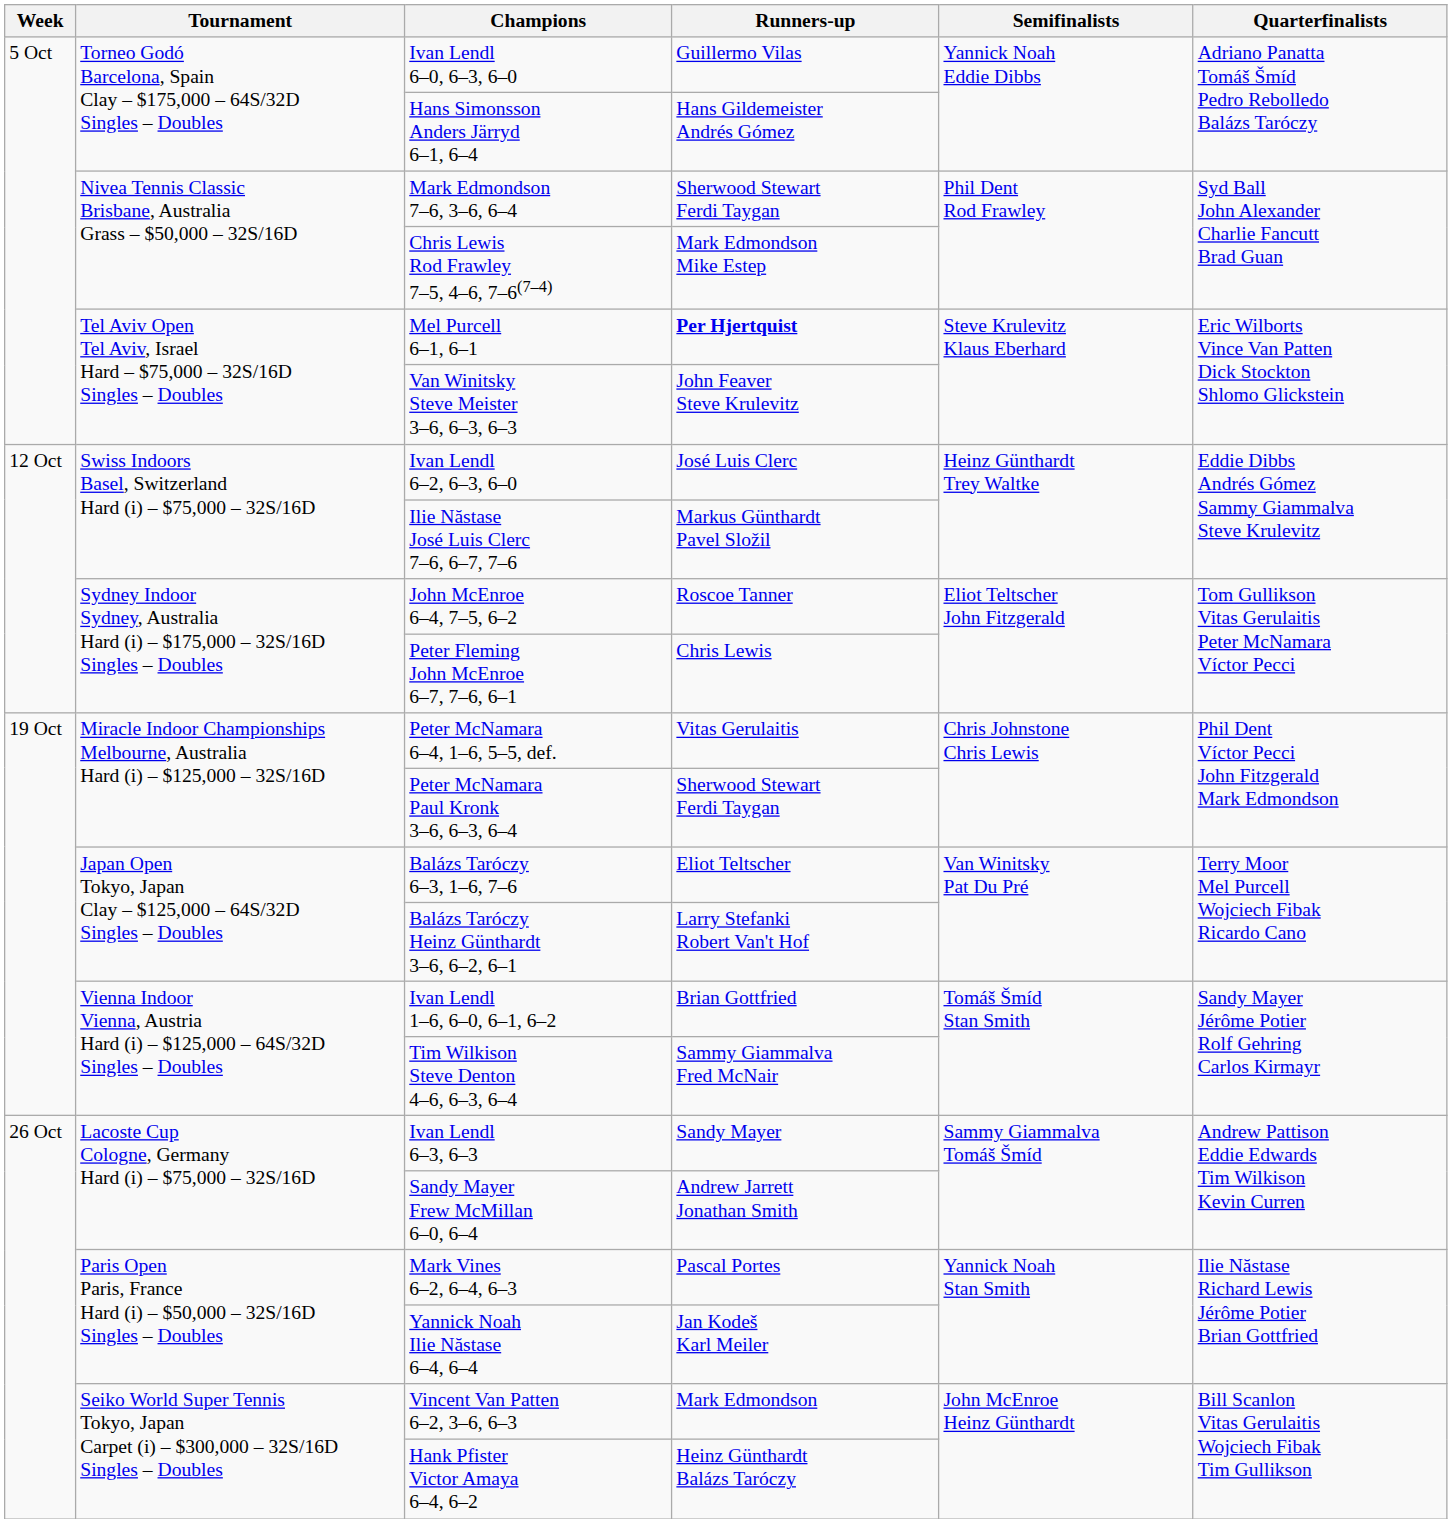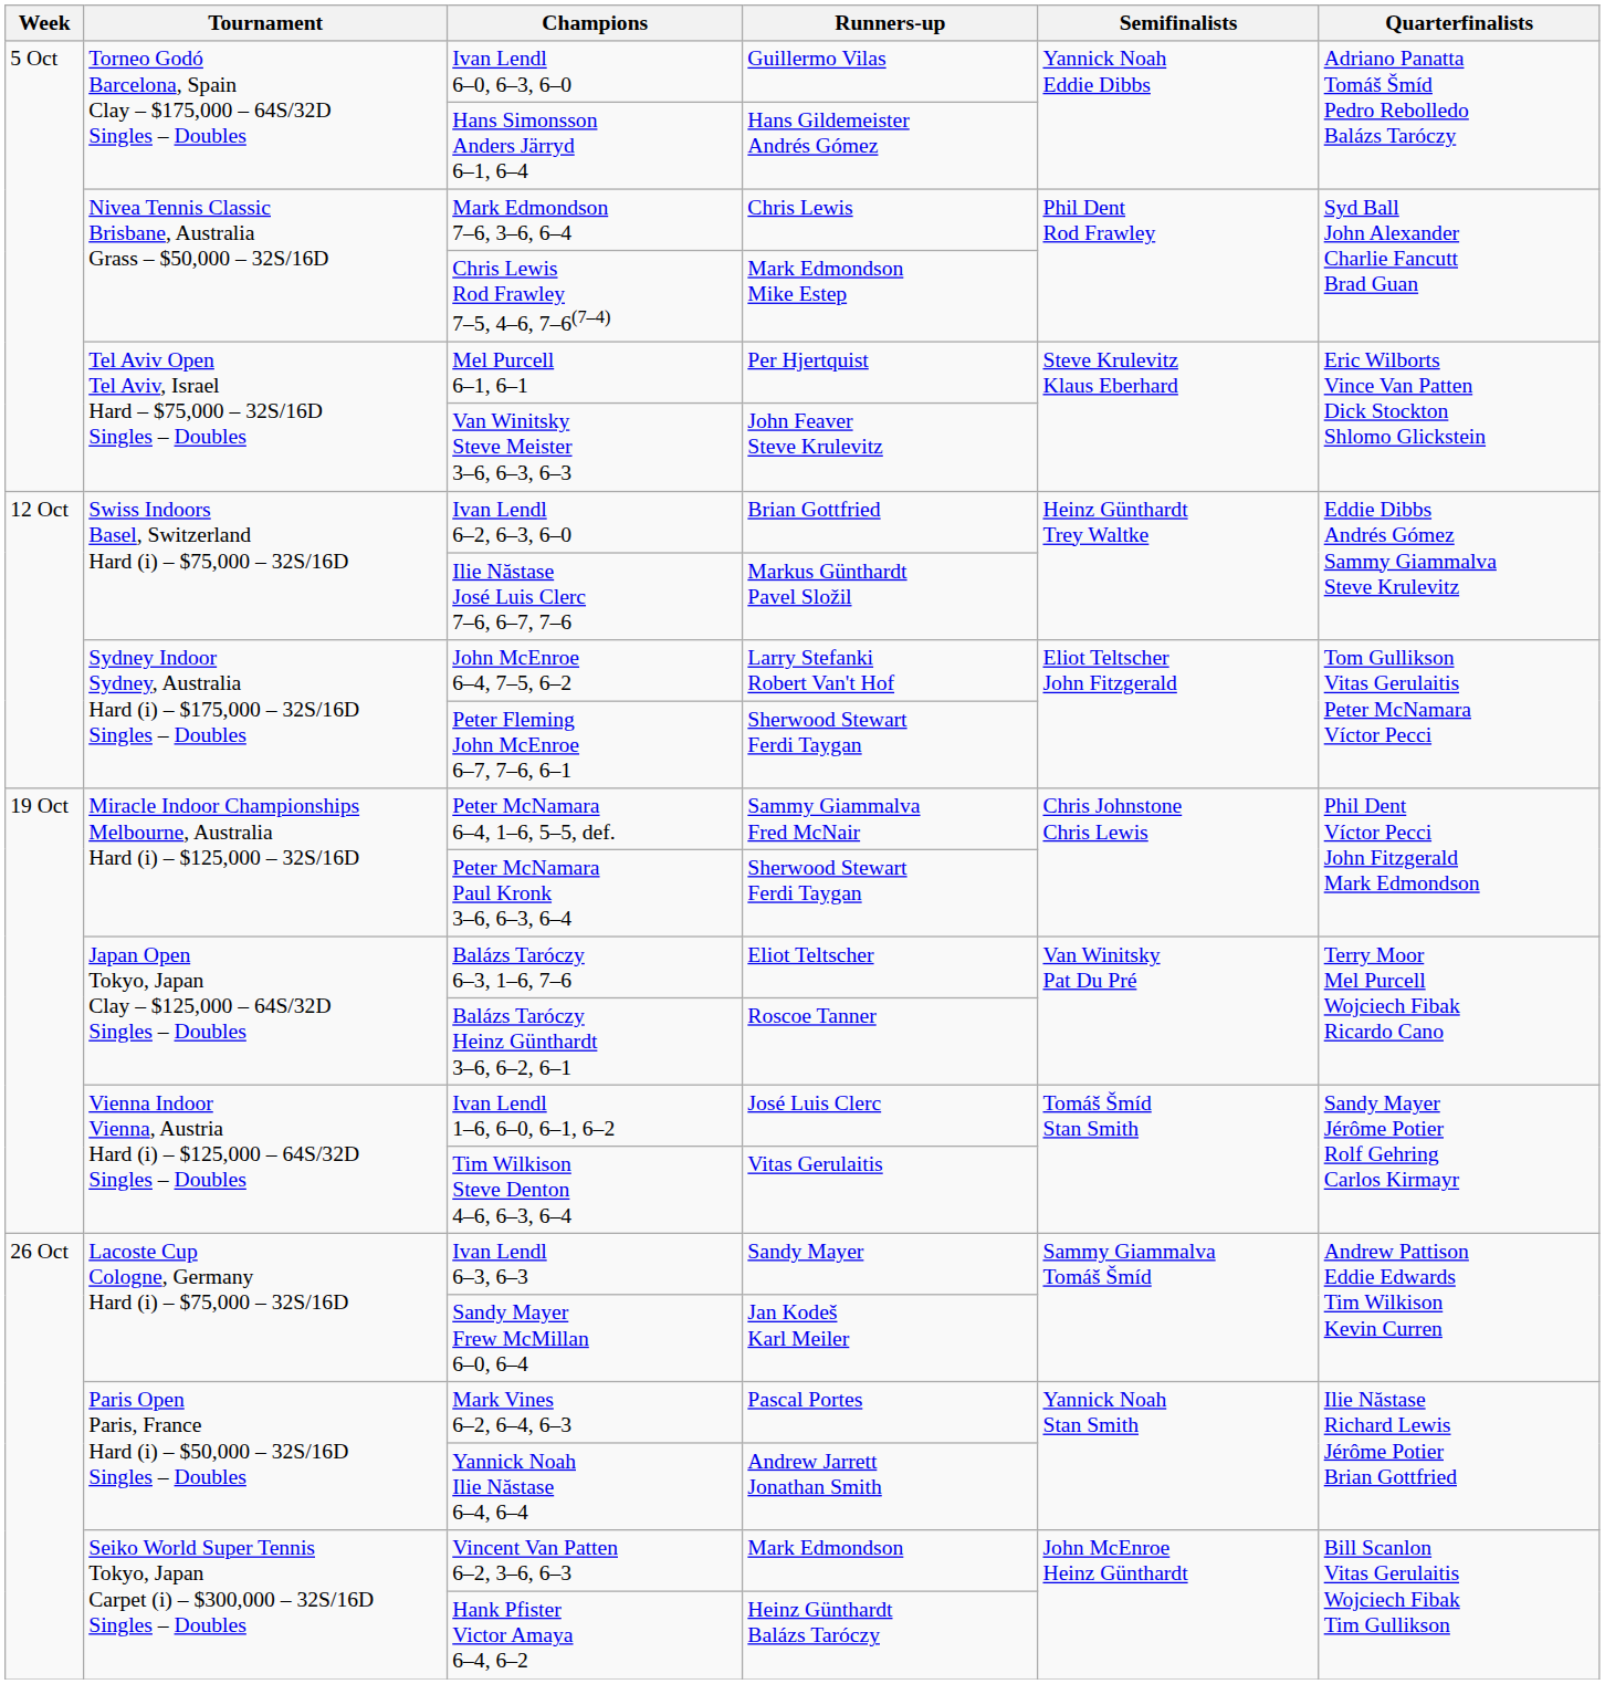 <table class=wikitable style=font-size:95%>
 <tr>
 <th style="width:48px;">Week</th>
 <th style="width:248px;">Tournament</th>
 <th style="width:200px;">Champions</th>
 <th style="width:200px;">Runners-up</th>
 <th style="width:190px;">Semifinalists</th>
 <th style="width:190px;">Quarterfinalists</th>
 </tr>
 <tr valign=top>
 <td rowspan=6>5 Oct</td>
 <td rowspan=2><a href='#'>Torneo Godó</a> <br> <a href='#'>Barcelona</a>, Spain <br> Clay – $175,000 – 64S/32D <br> <a href='#'>Singles</a> – <a href='#'>Doubles</a></td>
 <td> <a href='#'>Ivan Lendl</a> <br> 6–0, 6–3, 6–0</td>
 <td> <a href='#'>Guillermo Vilas</a></td>
 <td rowspan=2> <a href='#'>Yannick Noah</a> <br>  <a href='#'>Eddie Dibbs</a></td>
 <td rowspan=2> <a href='#'>Adriano Panatta</a> <br>  <a href='#'>Tomáš Šmíd</a> <br>  <a href='#'>Pedro Rebolledo</a> <br>  <a href='#'>Balázs Taróczy</a></td>
 </tr>
 <tr valign=top>
 <td> <a href='#'>Hans Simonsson</a> <br>  <a href='#'>Anders Järryd</a> <br> 6–1, 6–4</td>
 <td> <a href='#'>Hans Gildemeister</a> <br>  <a href='#'>Andrés Gómez</a></td>
 </tr>
 <tr valign=top>
 <td rowspan=2><a href='#'>Nivea Tennis Classic</a> <br> <a href='#'>Brisbane</a>, Australia <br> Grass – $50,000 – 32S/16D</td>
 <td> <a href='#'>Mark Edmondson</a> <br> 7–6, 3–6, 6–4</td>
-<td> <a href='#'>Sherwood Stewart</a> <br>  <a href='#'>Ferdi Taygan</a></td>
+<td> <a href='#'>Chris Lewis</a></td>
 <td rowspan=2> <a href='#'>Phil Dent</a> <br>  <a href='#'>Rod Frawley</a></td>
 <td rowspan=2> <a href='#'>Syd Ball</a> <br>  <a href='#'>John Alexander</a> <br>  <a href='#'>Charlie Fancutt</a> <br>  <a href='#'>Brad Guan</a></td>
 </tr>
 <tr valign=top>
 <td> <a href='#'>Chris Lewis</a> <br>  <a href='#'>Rod Frawley</a> <br> 7–5, 4–6, 7–6<sup>(7–4)</sup></td>
 <td> <a href='#'>Mark Edmondson</a> <br>  <a href='#'>Mike Estep</a></td>
 </tr>
 <tr valign=top>
 <td rowspan=2><a href='#'>Tel Aviv Open</a> <br> <a href='#'>Tel Aviv</a>, Israel <br> Hard – $75,000 – 32S/16D <br> <a href='#'>Singles</a> – <a href='#'>Doubles</a></td>
 <td> <a href='#'>Mel Purcell</a> <br> 6–1, 6–1</td>
-<td><strong> <a href='#'>Per Hjertquist</a></strong></td>
+<td> <a href='#'>Per Hjertquist</a></td>
 <td rowspan=2> <a href='#'>Steve Krulevitz</a> <br>  <a href='#'>Klaus Eberhard</a></td>
 <td rowspan=2> <a href='#'>Eric Wilborts</a> <br>  <a href='#'>Vince Van Patten</a> <br>  <a href='#'>Dick Stockton</a> <br>  <a href='#'>Shlomo Glickstein</a></td>
 </tr>
 <tr valign=top>
 <td> <a href='#'>Van Winitsky</a> <br>  <a href='#'>Steve Meister</a> <br> 3–6, 6–3, 6–3</td>
 <td> <a href='#'>John Feaver</a> <br>  <a href='#'>Steve Krulevitz</a></td>
 </tr>
 <tr valign=top>
 <td rowspan=4>12 Oct</td>
 <td rowspan=2><a href='#'>Swiss Indoors</a><br><a href='#'>Basel</a>, Switzerland <br> Hard (i) – $75,000 – 32S/16D</td>
 <td> <a href='#'>Ivan Lendl</a> <br> 6–2, 6–3, 6–0</td>
-<td> <a href='#'>José Luis Clerc</a></td>
+<td> <a href='#'>Brian Gottfried</a></td>
 <td rowspan=2> <a href='#'>Heinz Günthardt</a> <br>  <a href='#'>Trey Waltke</a></td>
 <td rowspan=2> <a href='#'>Eddie Dibbs</a> <br>  <a href='#'>Andrés Gómez</a> <br>  <a href='#'>Sammy Giammalva</a> <br>  <a href='#'>Steve Krulevitz</a></td>
 </tr>
 <tr valign=top>
 <td> <a href='#'>Ilie Năstase</a> <br>  <a href='#'>José Luis Clerc</a> <br> 7–6, 6–7, 7–6</td>
 <td> <a href='#'>Markus Günthardt</a> <br>  <a href='#'>Pavel Složil</a></td>
 </tr>
 <tr valign=top>
 <td rowspan=2><a href='#'>Sydney Indoor</a> <br> <a href='#'>Sydney</a>, Australia <br> Hard (i) – $175,000 – 32S/16D <br> <a href='#'>Singles</a> – <a href='#'>Doubles</a></td>
 <td> <a href='#'>John McEnroe</a> <br> 6–4, 7–5, 6–2</td>
-<td> <a href='#'>Roscoe Tanner</a></td>
+<td> <a href='#'>Larry Stefanki</a> <br>  <a href='#'>Robert Van't Hof</a></td>
 <td rowspan=2> <a href='#'>Eliot Teltscher</a> <br>  <a href='#'>John Fitzgerald</a></td>
 <td rowspan=2> <a href='#'>Tom Gullikson</a> <br>  <a href='#'>Vitas Gerulaitis</a> <br>  <a href='#'>Peter McNamara</a> <br>  <a href='#'>Víctor Pecci</a></td>
 </tr>
 <tr valign=top>
 <td> <a href='#'>Peter Fleming</a> <br>  <a href='#'>John McEnroe</a> <br> 6–7, 7–6, 6–1</td>
-<td> <a href='#'>Chris Lewis</a></td>
+<td> <a href='#'>Sherwood Stewart</a> <br>  <a href='#'>Ferdi Taygan</a></td>
 </tr>
 <tr valign=top>
 <td rowspan=6>19 Oct</td>
 <td rowspan=2><a href='#'>Miracle Indoor Championships</a> <br> <a href='#'>Melbourne</a>, Australia <br> Hard (i) – $125,000 – 32S/16D</td>
 <td> <a href='#'>Peter McNamara</a> <br> 6–4, 1–6, 5–5, def.</td>
-<td> <a href='#'>Vitas Gerulaitis</a></td>
+<td> <a href='#'>Sammy Giammalva</a> <br>  <a href='#'>Fred McNair</a></td>
 <td rowspan=2> <a href='#'>Chris Johnstone</a> <br>  <a href='#'>Chris Lewis</a></td>
 <td rowspan=2> <a href='#'>Phil Dent</a> <br>  <a href='#'>Víctor Pecci</a> <br>  <a href='#'>John Fitzgerald</a> <br>  <a href='#'>Mark Edmondson</a></td>
 </tr>
 <tr valign=top>
 <td> <a href='#'>Peter McNamara</a> <br>  <a href='#'>Paul Kronk</a> <br> 3–6, 6–3, 6–4</td>
 <td> <a href='#'>Sherwood Stewart</a> <br>  <a href='#'>Ferdi Taygan</a></td>
 </tr>
 <tr valign=top>
 <td rowspan=2><a href='#'>Japan Open</a> <br> Tokyo, Japan <br> Clay – $125,000 – 64S/32D <br> <a href='#'>Singles</a> – <a href='#'>Doubles</a></td>
 <td> <a href='#'>Balázs Taróczy</a> <br> 6–3, 1–6, 7–6</td>
 <td> <a href='#'>Eliot Teltscher</a></td>
 <td rowspan=2> <a href='#'>Van Winitsky</a> <br>  <a href='#'>Pat Du Pré</a></td>
 <td rowspan=2> <a href='#'>Terry Moor</a> <br>  <a href='#'>Mel Purcell</a> <br>  <a href='#'>Wojciech Fibak</a> <br>  <a href='#'>Ricardo Cano</a></td>
 </tr>
 <tr valign=top>
 <td> <a href='#'>Balázs Taróczy</a> <br>  <a href='#'>Heinz Günthardt</a> <br> 3–6, 6–2, 6–1</td>
-<td> <a href='#'>Larry Stefanki</a> <br>  <a href='#'>Robert Van't Hof</a></td>
+<td> <a href='#'>Roscoe Tanner</a></td>
 </tr>
 <tr valign=top>
 <td rowspan=2><a href='#'>Vienna Indoor</a> <br> <a href='#'>Vienna</a>, Austria <br> Hard (i) – $125,000 – 64S/32D <br> <a href='#'>Singles</a> – <a href='#'>Doubles</a></td>
 <td> <a href='#'>Ivan Lendl</a> <br> 1–6, 6–0, 6–1, 6–2</td>
-<td> <a href='#'>Brian Gottfried</a></td>
+<td> <a href='#'>José Luis Clerc</a></td>
 <td rowspan=2> <a href='#'>Tomáš Šmíd</a> <br>  <a href='#'>Stan Smith</a></td>
 <td rowspan=2> <a href='#'>Sandy Mayer</a> <br>  <a href='#'>Jérôme Potier</a> <br>  <a href='#'>Rolf Gehring</a> <br>  <a href='#'>Carlos Kirmayr</a></td>
 </tr>
 <tr valign=top>
 <td> <a href='#'>Tim Wilkison</a> <br>  <a href='#'>Steve Denton</a> <br> 4–6, 6–3, 6–4</td>
-<td> <a href='#'>Sammy Giammalva</a> <br>  <a href='#'>Fred McNair</a></td>
+<td> <a href='#'>Vitas Gerulaitis</a></td>
 </tr>
 <tr valign=top>
 <td rowspan=6>26 Oct</td>
 <td rowspan=2><a href='#'>Lacoste Cup</a> <br> <a href='#'>Cologne</a>, Germany <br> Hard (i) – $75,000 – 32S/16D</td>
 <td> <a href='#'>Ivan Lendl</a> <br> 6–3, 6–3</td>
 <td> <a href='#'>Sandy Mayer</a></td>
 <td rowspan=2> <a href='#'>Sammy Giammalva</a> <br>  <a href='#'>Tomáš Šmíd</a></td>
 <td rowspan=2> <a href='#'>Andrew Pattison</a> <br>  <a href='#'>Eddie Edwards</a> <br>  <a href='#'>Tim Wilkison</a> <br>  <a href='#'>Kevin Curren</a></td>
 </tr>
 <tr valign=top>
 <td> <a href='#'>Sandy Mayer</a> <br>  <a href='#'>Frew McMillan</a> <br> 6–0, 6–4</td>
-<td> <a href='#'>Andrew Jarrett</a> <br>  <a href='#'>Jonathan Smith</a></td>
+<td> <a href='#'>Jan Kodeš</a> <br>  <a href='#'>Karl Meiler</a></td>
 </tr>
 <tr valign=top>
 <td rowspan=2><a href='#'>Paris Open</a> <br> Paris, France <br> Hard (i) – $50,000 – 32S/16D <br> <a href='#'>Singles</a> – <a href='#'>Doubles</a></td>
 <td> <a href='#'>Mark Vines</a> <br> 6–2, 6–4, 6–3</td>
 <td> <a href='#'>Pascal Portes</a></td>
 <td rowspan=2> <a href='#'>Yannick Noah</a> <br>  <a href='#'>Stan Smith</a></td>
 <td rowspan=2> <a href='#'>Ilie Năstase</a> <br>  <a href='#'>Richard Lewis</a> <br>  <a href='#'>Jérôme Potier</a> <br>  <a href='#'>Brian Gottfried</a></td>
 </tr>
 <tr valign=top>
 <td> <a href='#'>Yannick Noah</a> <br>  <a href='#'>Ilie Năstase</a> <br> 6–4, 6–4</td>
-<td> <a href='#'>Jan Kodeš</a> <br>  <a href='#'>Karl Meiler</a></td>
+<td> <a href='#'>Andrew Jarrett</a> <br>  <a href='#'>Jonathan Smith</a></td>
 </tr>
 <tr valign=top>
 <td rowspan=2><a href='#'>Seiko World Super Tennis</a> <br> Tokyo, Japan <br> Carpet (i) – $300,000 – 32S/16D <br> <a href='#'>Singles</a> – <a href='#'>Doubles</a></td>
 <td> <a href='#'>Vincent Van Patten</a> <br> 6–2, 3–6, 6–3</td>
 <td> <a href='#'>Mark Edmondson</a></td>
 <td rowspan=2> <a href='#'>John McEnroe</a> <br>  <a href='#'>Heinz Günthardt</a></td>
 <td rowspan=2> <a href='#'>Bill Scanlon</a> <br>  <a href='#'>Vitas Gerulaitis</a> <br>  <a href='#'>Wojciech Fibak</a> <br>  <a href='#'>Tim Gullikson</a></td>
 </tr>
 <tr valign=top>
 <td> <a href='#'>Hank Pfister</a> <br>  <a href='#'>Victor Amaya</a> <br> 6–4, 6–2</td>
 <td> <a href='#'>Heinz Günthardt</a> <br>  <a href='#'>Balázs Taróczy</a></td>
 </tr>
 </table>
